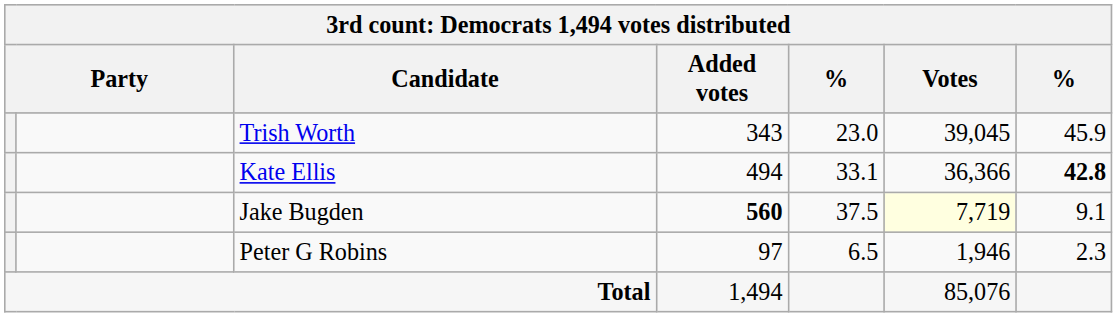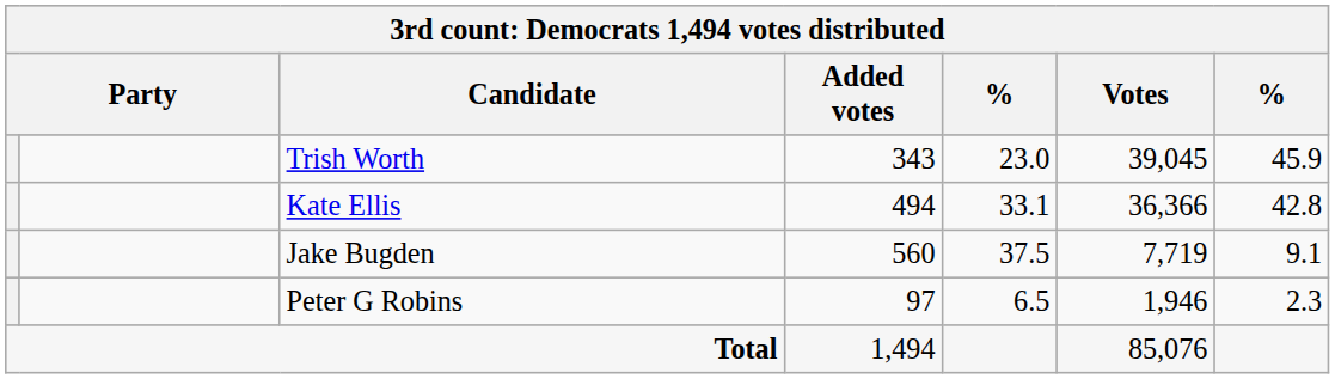 <table class="wikitable" style="font-size: 95%;">
 <tr style="background:#e9e9e9;">
 <th colspan=7>3rd count: Democrats 1,494 votes distributed</th>
 </tr>
 <tr style="background:#e9e9e9;">
 <th colspan=2 style="width: 130px">Party</th>
 <th style="width: 17em">Candidate</th>
 <th style="width: 5em">Added votes</th>
 <th style="width: 3.5em">%</th>
 <th style="width: 5em">Votes</th>
 <th style="width: 3.5em">%</th>
 </tr>
 <tr class="vcard">
 <th></th>
 <td class="org" style="width: 130px"></td>
 <td class="fn"><a href='#'>Trish Worth</a></td>
 <td style="text-align: right; margin-right: 0.5em">343</td>
 <td style="text-align: right; margin-right: 0.5em">23.0</td>
 <td style="text-align: right; margin-right: 0.5em">39,045</td>
 <td style="text-align: right; margin-right: 0.5em">45.9</td>
 </tr>
 <tr class="vcard">
 <th></th>
 <td class="org" style="width: 130px"></td>
 <td class="fn"><a href='#'>Kate Ellis</a></td>
 <td style="text-align: right; margin-right: 0.5em">494</td>
 <td style="text-align: right; margin-right: 0.5em">33.1</td>
 <td style="text-align: right; margin-right: 0.5em">36,366</td>
-<td style="text-align: right; margin-right: 0.5em"><strong>42.8</strong></td>
+<td style="text-align: right; margin-right: 0.5em">42.8</td>
 </tr>
 <tr class="vcard">
 <th></th>
 <td class="org" style="width: 130px"></td>
 <td class="fn">Jake Bugden</td>
-<td style="text-align: right; margin-right: 0.5em"><strong>560</strong></td>
+<td style="text-align: right; margin-right: 0.5em">560</td>
 <td style="text-align: right; margin-right: 0.5em">37.5</td>
-<td style="background: lightyellow; text-align: right; margin-right: 0.5em">7,719</td>
+<td style="text-align: right; margin-right: 0.5em">7,719</td>
 <td style="text-align: right; margin-right: 0.5em">9.1</td>
 </tr>
 <tr class="vcard">
 <th></th>
 <td class="org" style="width: 130px"></td>
 <td class="fn">Peter G Robins</td>
 <td style="text-align: right; margin-right: 0.5em">97</td>
 <td style="text-align: right; margin-right: 0.5em">6.5</td>
 <td style="text-align: right; margin-right: 0.5em">1,946</td>
 <td style="text-align: right; margin-right: 0.5em">2.3</td>
 </tr>
 <tr style="background:#f6f6f6; text-align:right;">
 <td colspan="3" style="margin-right: 0.5em"><strong>Total</strong></td>
 <td style="margin-right: 0.5em">1,494</td>
 <td style="margin-right: 0.5em"></td>
 <td style="margin-right: 0.5em">85,076</td>
 <td style="margin-right: 0.5em"></td>
 </tr>
 </table>
